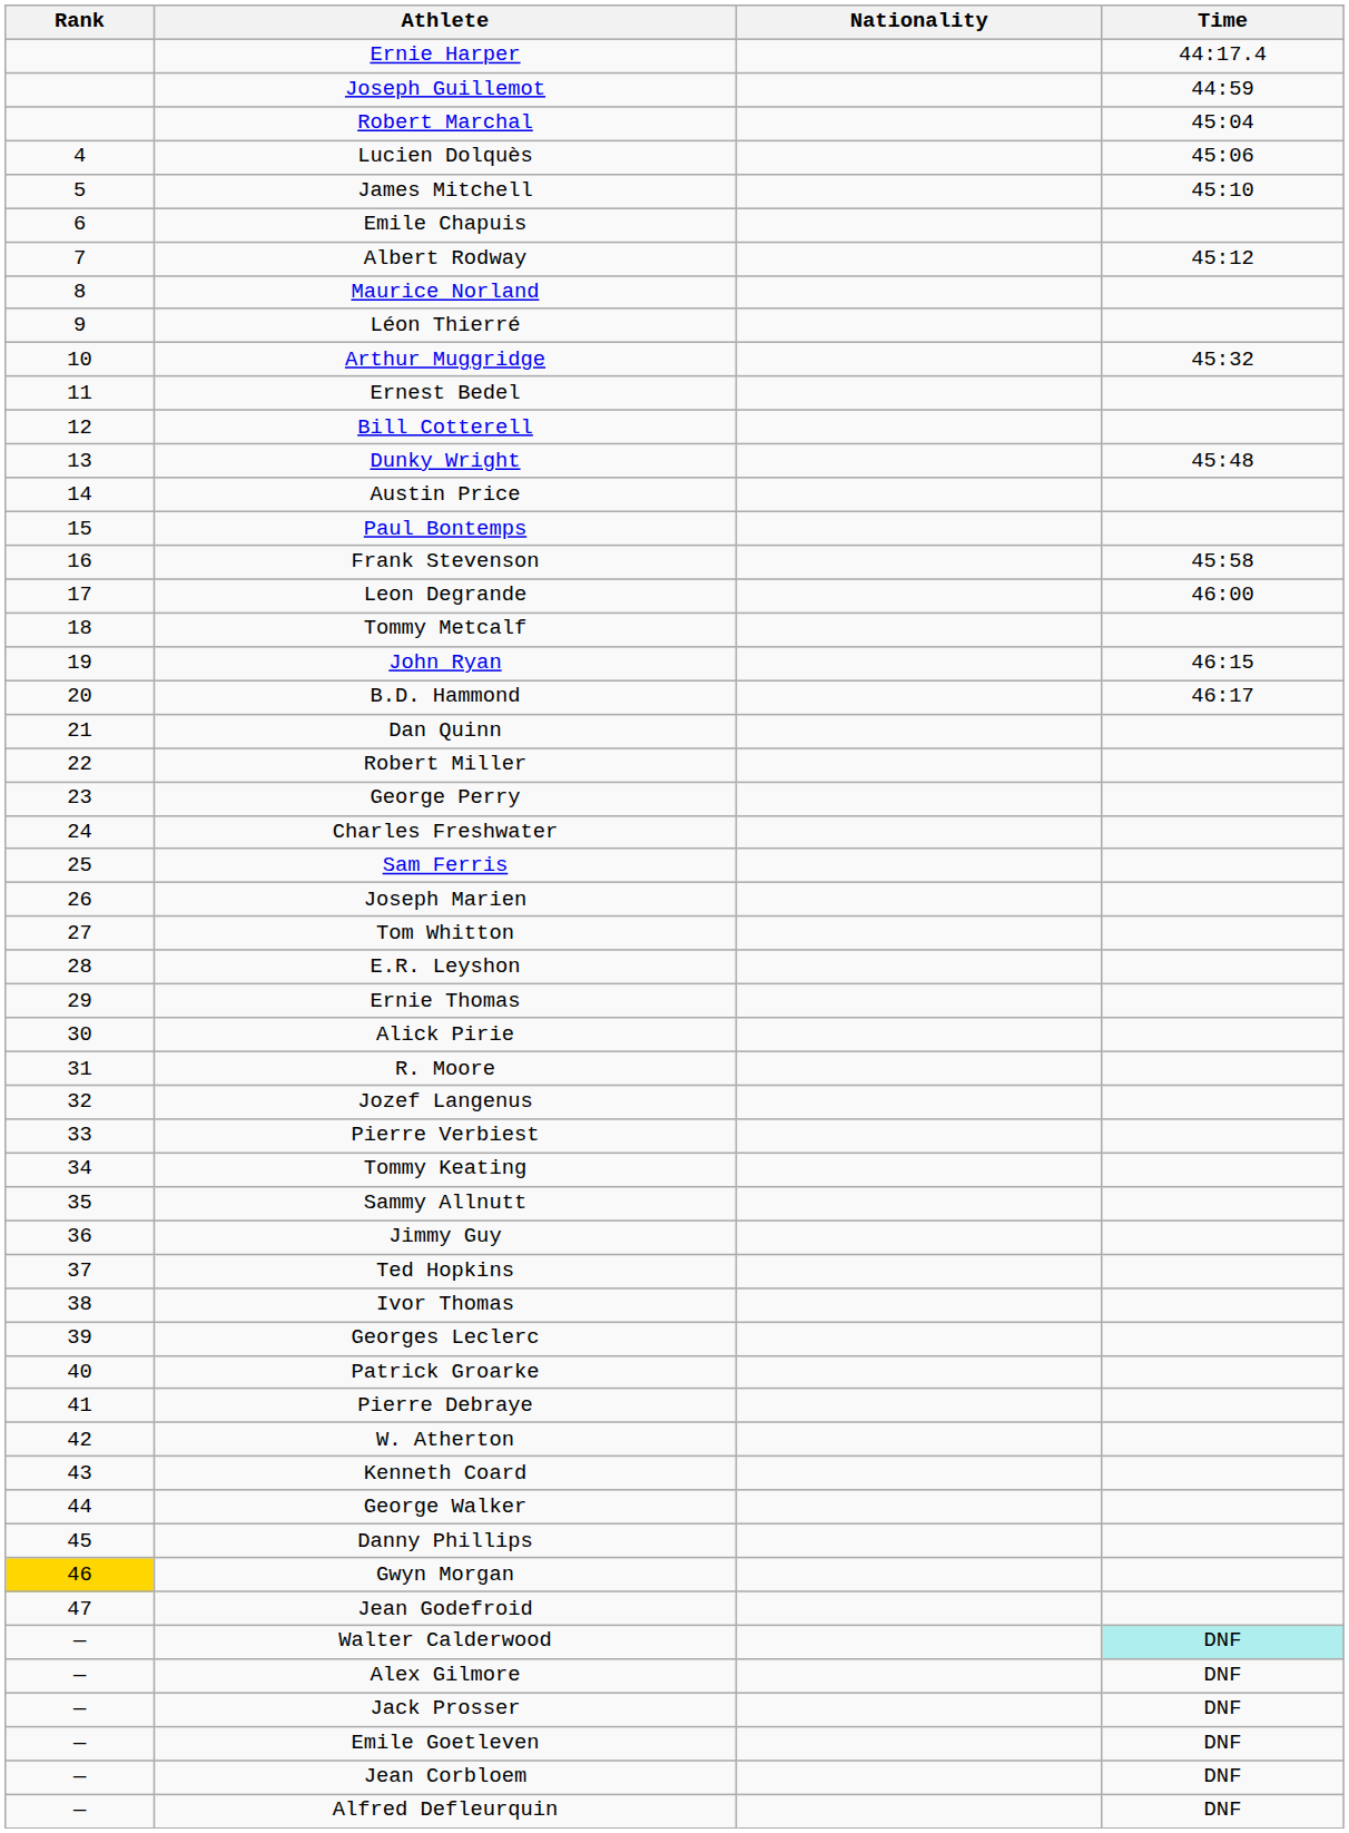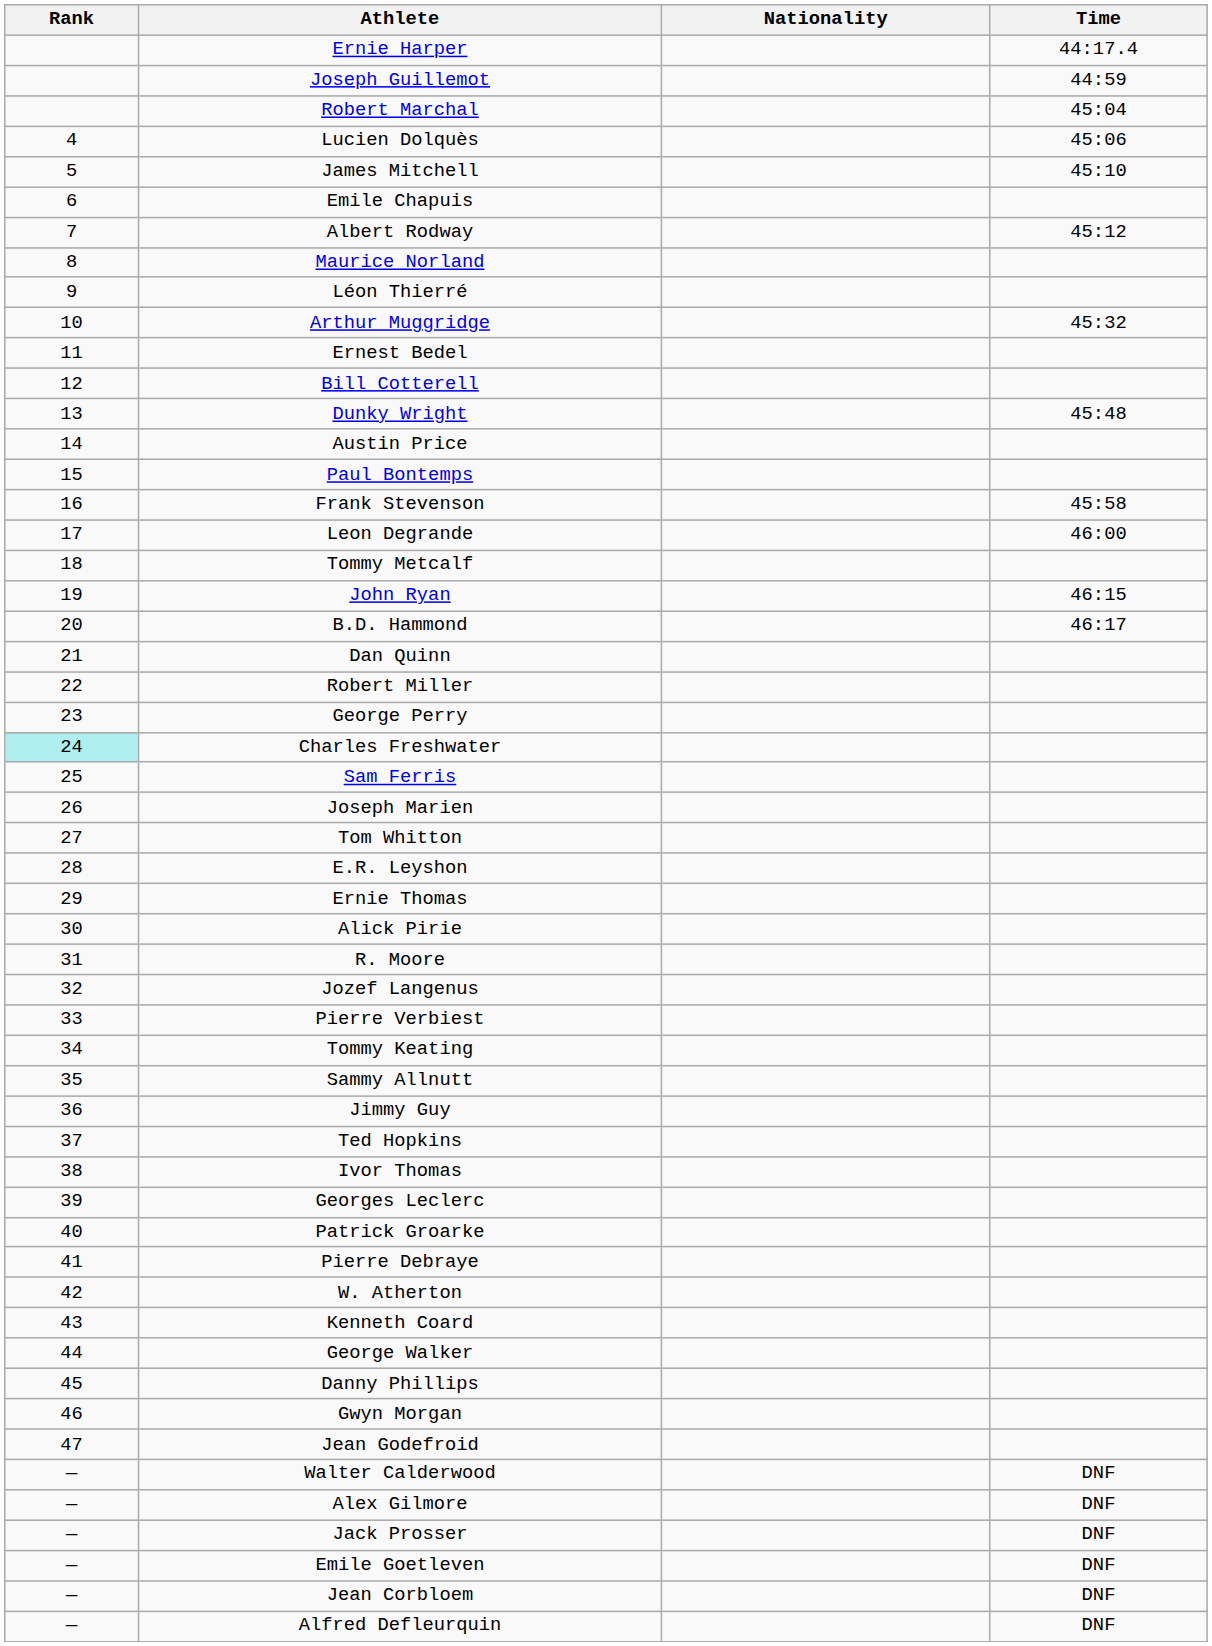 <table class="wikitable sortable" style=" text-align:center; font-size:95%;" width="50%">
 <tr>
 <th>Rank</th>
 <th>Athlete</th>
 <th>Nationality</th>
 <th>Time</th>
 </tr>
 <tr>
 <td align=center></td>
 <td><a href='#'>Ernie Harper</a></td>
 <td></td>
 <td>44:17.4</td>
 </tr>
 <tr>
 <td align=center></td>
 <td><a href='#'>Joseph Guillemot</a></td>
 <td></td>
 <td>44:59</td>
 </tr>
 <tr>
 <td align=center></td>
 <td><a href='#'>Robert Marchal</a></td>
 <td></td>
 <td>45:04</td>
 </tr>
 <tr>
 <td align=center>4</td>
 <td>Lucien Dolquès</td>
 <td></td>
 <td>45:06</td>
 </tr>
 <tr>
 <td align=center>5</td>
 <td>James Mitchell</td>
 <td></td>
 <td>45:10</td>
 </tr>
 <tr>
 <td align=center>6</td>
 <td>Emile Chapuis</td>
 <td></td>
 <td></td>
 </tr>
 <tr>
 <td align=center>7</td>
 <td>Albert Rodway</td>
 <td></td>
 <td>45:12</td>
 </tr>
 <tr>
 <td align=center>8</td>
 <td><a href='#'>Maurice Norland</a></td>
 <td></td>
 <td></td>
 </tr>
 <tr>
 <td align=center>9</td>
 <td>Léon Thierré</td>
 <td></td>
 <td></td>
 </tr>
 <tr>
 <td align=center>10</td>
 <td><a href='#'>Arthur Muggridge</a></td>
 <td></td>
 <td>45:32</td>
 </tr>
 <tr>
 <td align=center>11</td>
 <td>Ernest Bedel</td>
 <td></td>
 <td></td>
 </tr>
 <tr>
 <td align=center>12</td>
 <td><a href='#'>Bill Cotterell</a></td>
 <td></td>
 <td></td>
 </tr>
 <tr>
 <td align=center>13</td>
 <td><a href='#'>Dunky Wright</a></td>
 <td></td>
 <td>45:48</td>
 </tr>
 <tr>
 <td align=center>14</td>
 <td>Austin Price</td>
 <td></td>
 <td></td>
 </tr>
 <tr>
 <td align=center>15</td>
 <td><a href='#'>Paul Bontemps</a></td>
 <td></td>
 <td></td>
 </tr>
 <tr>
 <td align=center>16</td>
 <td>Frank Stevenson</td>
 <td></td>
 <td>45:58</td>
 </tr>
 <tr>
 <td align=center>17</td>
 <td>Leon Degrande</td>
 <td></td>
 <td>46:00</td>
 </tr>
 <tr>
 <td align=center>18</td>
 <td>Tommy Metcalf</td>
 <td></td>
 <td></td>
 </tr>
 <tr>
 <td align=center>19</td>
 <td><a href='#'>John Ryan</a></td>
 <td></td>
 <td>46:15</td>
 </tr>
 <tr>
 <td align=center>20</td>
 <td>B.D. Hammond</td>
 <td></td>
 <td>46:17</td>
 </tr>
 <tr>
 <td align=center>21</td>
 <td>Dan Quinn</td>
 <td></td>
 <td></td>
 </tr>
 <tr>
 <td align=center>22</td>
 <td>Robert Miller</td>
 <td></td>
 <td></td>
 </tr>
 <tr>
 <td align=center>23</td>
 <td>George Perry</td>
 <td></td>
 <td></td>
 </tr>
 <tr>
-<td align=center>24</td>
+<td align=center style="background: paleturquoise;">24</td>
 <td>Charles Freshwater</td>
 <td></td>
 <td></td>
 </tr>
 <tr>
 <td align=center>25</td>
 <td><a href='#'>Sam Ferris</a></td>
 <td></td>
 <td></td>
 </tr>
 <tr>
 <td align=center>26</td>
 <td>Joseph Marien</td>
 <td></td>
 <td></td>
 </tr>
 <tr>
 <td align=center>27</td>
 <td>Tom Whitton</td>
 <td></td>
 <td></td>
 </tr>
 <tr>
 <td align=center>28</td>
 <td>E.R. Leyshon</td>
 <td></td>
 <td></td>
 </tr>
 <tr>
 <td align=center>29</td>
 <td>Ernie Thomas</td>
 <td></td>
 <td></td>
 </tr>
 <tr>
 <td align=center>30</td>
 <td>Alick Pirie</td>
 <td></td>
 <td></td>
 </tr>
 <tr>
 <td align=center>31</td>
 <td>R. Moore</td>
 <td></td>
 <td></td>
 </tr>
 <tr>
 <td align=center>32</td>
 <td>Jozef Langenus</td>
 <td></td>
 <td></td>
 </tr>
 <tr>
 <td align=center>33</td>
 <td>Pierre Verbiest</td>
 <td></td>
 <td></td>
 </tr>
 <tr>
 <td align=center>34</td>
 <td>Tommy Keating</td>
 <td></td>
 <td></td>
 </tr>
 <tr>
 <td align=center>35</td>
 <td>Sammy Allnutt</td>
 <td></td>
 <td></td>
 </tr>
 <tr>
 <td align=center>36</td>
 <td>Jimmy Guy</td>
 <td></td>
 <td></td>
 </tr>
 <tr>
 <td align=center>37</td>
 <td>Ted Hopkins</td>
 <td></td>
 <td></td>
 </tr>
 <tr>
 <td align=center>38</td>
 <td>Ivor Thomas</td>
 <td></td>
 <td></td>
 </tr>
 <tr>
 <td align=center>39</td>
 <td>Georges Leclerc</td>
 <td></td>
 <td></td>
 </tr>
 <tr>
 <td align=center>40</td>
 <td>Patrick Groarke</td>
 <td></td>
 <td></td>
 </tr>
 <tr>
 <td align=center>41</td>
 <td>Pierre Debraye</td>
 <td></td>
 <td></td>
 </tr>
 <tr>
 <td align=center>42</td>
 <td>W. Atherton</td>
 <td></td>
 <td></td>
 </tr>
 <tr>
 <td align=center>43</td>
 <td>Kenneth Coard</td>
 <td></td>
 <td></td>
 </tr>
 <tr>
 <td align=center>44</td>
 <td>George Walker</td>
 <td></td>
 <td></td>
 </tr>
 <tr>
 <td align=center>45</td>
 <td>Danny Phillips</td>
 <td></td>
 <td></td>
 </tr>
 <tr>
-<td align=center style="background: gold;">46</td>
+<td align=center>46</td>
 <td>Gwyn Morgan</td>
 <td></td>
 <td></td>
 </tr>
 <tr>
 <td align=center>47</td>
 <td>Jean Godefroid</td>
 <td></td>
 <td></td>
 </tr>
 <tr>
 <td align=center>—</td>
 <td>Walter Calderwood</td>
 <td></td>
-<td style="background: paleturquoise;">DNF</td>
+<td>DNF</td>
 </tr>
 <tr>
 <td align=center>—</td>
 <td>Alex Gilmore</td>
 <td></td>
 <td>DNF</td>
 </tr>
 <tr>
 <td align=center>—</td>
 <td>Jack Prosser</td>
 <td></td>
 <td>DNF</td>
 </tr>
 <tr>
 <td align=center>—</td>
 <td>Emile Goetleven</td>
 <td></td>
 <td>DNF</td>
 </tr>
 <tr>
 <td align=center>—</td>
 <td>Jean Corbloem</td>
 <td></td>
 <td>DNF</td>
 </tr>
 <tr>
 <td align=center>—</td>
 <td>Alfred Defleurquin</td>
 <td></td>
 <td>DNF</td>
 </tr>
 </table>
